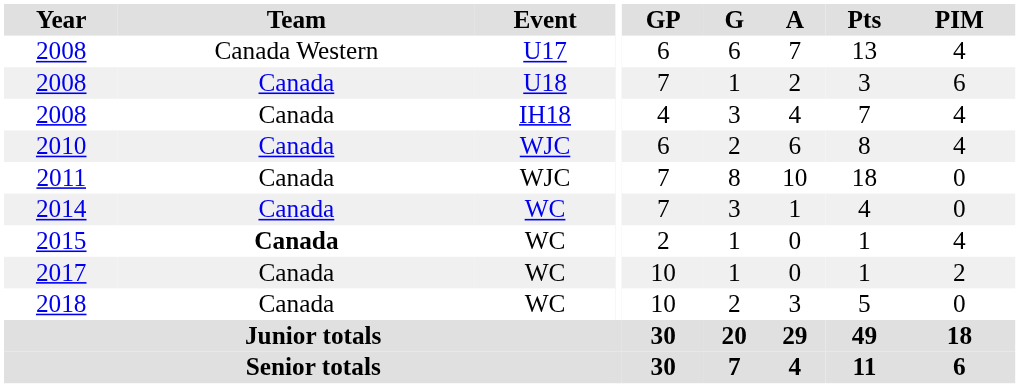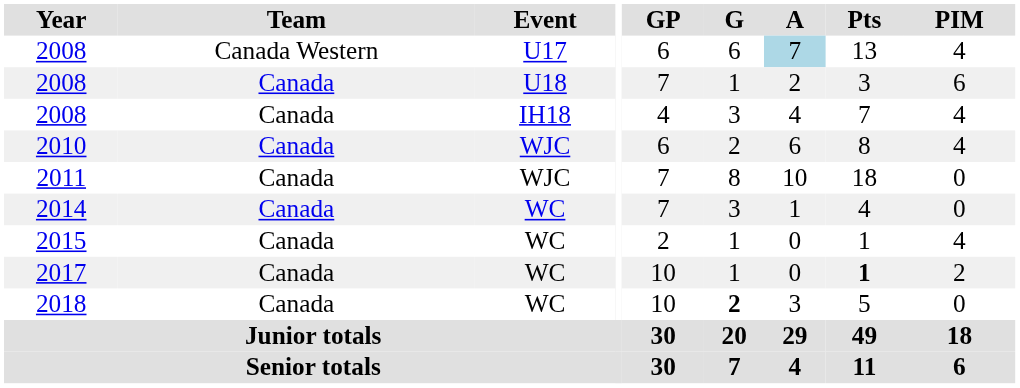 <table border="0" cellpadding="1" cellspacing="0" ID="Table3" style="text-align:center; width:40em">
 <tr bgcolor="#e0e0e0">
 <th>Year</th>
 <th>Team</th>
 <th>Event</th>
 <th rowspan="102" bgcolor="#ffffff"></th>
 <th>GP</th>
 <th>G</th>
 <th>A</th>
 <th>Pts</th>
 <th>PIM</th>
 </tr>
 <tr>
 <td><a href='#'>2008</a></td>
 <td>Canada Western</td>
 <td><a href='#'>U17</a></td>
 <td>6</td>
 <td>6</td>
-<td>7</td>
+<td style="background: lightblue;">7</td>
 <td>13</td>
 <td>4</td>
 </tr>
 <tr bgcolor="#f0f0f0">
 <td><a href='#'>2008</a></td>
 <td><a href='#'>Canada</a></td>
 <td><a href='#'>U18</a></td>
 <td>7</td>
 <td>1</td>
 <td>2</td>
 <td>3</td>
 <td>6</td>
 </tr>
 <tr>
 <td><a href='#'>2008</a></td>
 <td>Canada</td>
 <td><a href='#'>IH18</a></td>
 <td>4</td>
 <td>3</td>
 <td>4</td>
 <td>7</td>
 <td>4</td>
 </tr>
 <tr bgcolor="#f0f0f0">
 <td><a href='#'>2010</a></td>
 <td><a href='#'>Canada</a></td>
 <td><a href='#'>WJC</a></td>
 <td>6</td>
 <td>2</td>
 <td>6</td>
 <td>8</td>
 <td>4</td>
 </tr>
 <tr>
 <td><a href='#'>2011</a></td>
 <td>Canada</td>
 <td>WJC</td>
 <td>7</td>
 <td>8</td>
 <td>10</td>
 <td>18</td>
 <td>0</td>
 </tr>
 <tr bgcolor="#f0f0f0">
 <td><a href='#'>2014</a></td>
 <td><a href='#'>Canada</a></td>
 <td><a href='#'>WC</a></td>
 <td>7</td>
 <td>3</td>
 <td>1</td>
 <td>4</td>
 <td>0</td>
 </tr>
 <tr>
 <td><a href='#'>2015</a></td>
-<td><strong>Canada</strong></td>
+<td>Canada</td>
 <td>WC</td>
 <td>2</td>
 <td>1</td>
 <td>0</td>
 <td>1</td>
 <td>4</td>
 </tr>
 <tr bgcolor="#f0f0f0">
 <td><a href='#'>2017</a></td>
 <td>Canada</td>
 <td>WC</td>
 <td>10</td>
 <td>1</td>
 <td>0</td>
-<td>1</td>
+<td><strong>1</strong></td>
 <td>2</td>
 </tr>
 <tr>
 <td><a href='#'>2018</a></td>
 <td>Canada</td>
 <td>WC</td>
 <td>10</td>
-<td>2</td>
+<td><strong>2</strong></td>
 <td>3</td>
 <td>5</td>
 <td>0</td>
 </tr>
 <tr bgcolor="#e0e0e0">
 <th colspan="4">Junior totals</th>
 <th>30</th>
 <th>20</th>
 <th>29</th>
 <th>49</th>
 <th>18</th>
 </tr>
 <tr bgcolor="#e0e0e0">
 <th colspan="4">Senior totals</th>
 <th>30</th>
 <th>7</th>
 <th>4</th>
 <th>11</th>
 <th>6</th>
 </tr>
 </table>
